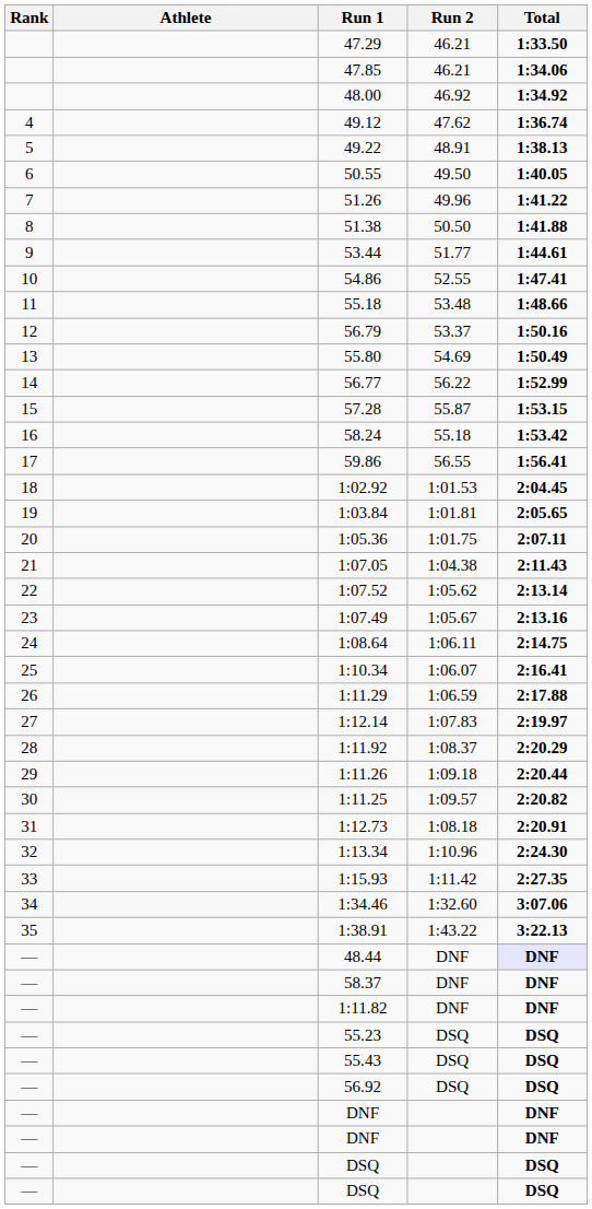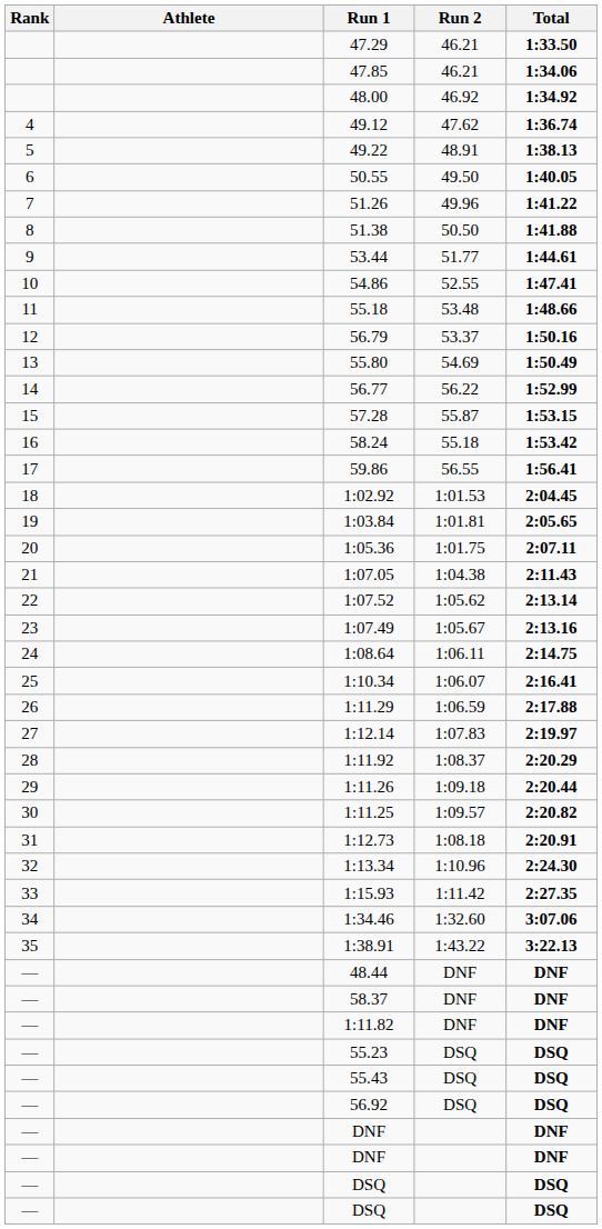 <table class=wikitable style="text-align:center">
 <tr>
 <th width=40>Rank</th>
 <th width=250>Athlete</th>
 <th width=80>Run 1</th>
 <th width=80>Run 2</th>
 <th width=80>Total</th>
 </tr>
 <tr>
 <td></td>
 <td align=left></td>
 <td>47.29</td>
 <td>46.21</td>
 <td><strong>1:33.50</strong></td>
 </tr>
 <tr>
 <td></td>
 <td align=left></td>
 <td>47.85</td>
 <td>46.21</td>
 <td><strong>1:34.06</strong></td>
 </tr>
 <tr>
 <td></td>
 <td align=left></td>
 <td>48.00</td>
 <td>46.92</td>
 <td><strong>1:34.92</strong></td>
 </tr>
 <tr>
 <td>4</td>
 <td align=left></td>
 <td>49.12</td>
 <td>47.62</td>
 <td><strong>1:36.74</strong></td>
 </tr>
 <tr>
 <td>5</td>
 <td align=left></td>
 <td>49.22</td>
 <td>48.91</td>
 <td><strong>1:38.13</strong></td>
 </tr>
 <tr>
 <td>6</td>
 <td align=left></td>
 <td>50.55</td>
 <td>49.50</td>
 <td><strong>1:40.05</strong></td>
 </tr>
 <tr>
 <td>7</td>
 <td align=left></td>
 <td>51.26</td>
 <td>49.96</td>
 <td><strong>1:41.22</strong></td>
 </tr>
 <tr>
 <td>8</td>
 <td align=left></td>
 <td>51.38</td>
 <td>50.50</td>
 <td><strong>1:41.88</strong></td>
 </tr>
 <tr>
 <td>9</td>
 <td align=left></td>
 <td>53.44</td>
 <td>51.77</td>
 <td><strong>1:44.61</strong></td>
 </tr>
 <tr>
 <td>10</td>
 <td align=left></td>
 <td>54.86</td>
 <td>52.55</td>
 <td><strong>1:47.41</strong></td>
 </tr>
 <tr>
 <td>11</td>
 <td align=left></td>
 <td>55.18</td>
 <td>53.48</td>
 <td><strong>1:48.66</strong></td>
 </tr>
 <tr>
 <td>12</td>
 <td align=left></td>
 <td>56.79</td>
 <td>53.37</td>
 <td><strong>1:50.16</strong></td>
 </tr>
 <tr>
 <td>13</td>
 <td align=left></td>
 <td>55.80</td>
 <td>54.69</td>
 <td><strong>1:50.49</strong></td>
 </tr>
 <tr>
 <td>14</td>
 <td align=left></td>
 <td>56.77</td>
 <td>56.22</td>
 <td><strong>1:52.99</strong></td>
 </tr>
 <tr>
 <td>15</td>
 <td align=left></td>
 <td>57.28</td>
 <td>55.87</td>
 <td><strong>1:53.15</strong></td>
 </tr>
 <tr>
 <td>16</td>
 <td align=left></td>
 <td>58.24</td>
 <td>55.18</td>
 <td><strong>1:53.42</strong></td>
 </tr>
 <tr>
 <td>17</td>
 <td align=left></td>
 <td>59.86</td>
 <td>56.55</td>
 <td><strong>1:56.41</strong></td>
 </tr>
 <tr>
 <td>18</td>
 <td align=left></td>
 <td>1:02.92</td>
 <td>1:01.53</td>
 <td><strong>2:04.45</strong></td>
 </tr>
 <tr>
 <td>19</td>
 <td align=left></td>
 <td>1:03.84</td>
 <td>1:01.81</td>
 <td><strong>2:05.65</strong></td>
 </tr>
 <tr>
 <td>20</td>
 <td align=left></td>
 <td>1:05.36</td>
 <td>1:01.75</td>
 <td><strong>2:07.11</strong></td>
 </tr>
 <tr>
 <td>21</td>
 <td align=left></td>
 <td>1:07.05</td>
 <td>1:04.38</td>
 <td><strong>2:11.43</strong></td>
 </tr>
 <tr>
 <td>22</td>
 <td align=left></td>
 <td>1:07.52</td>
 <td>1:05.62</td>
 <td><strong>2:13.14</strong></td>
 </tr>
 <tr>
 <td>23</td>
 <td align=left></td>
 <td>1:07.49</td>
 <td>1:05.67</td>
 <td><strong>2:13.16</strong></td>
 </tr>
 <tr>
 <td>24</td>
 <td align=left></td>
 <td>1:08.64</td>
 <td>1:06.11</td>
 <td><strong>2:14.75</strong></td>
 </tr>
 <tr>
 <td>25</td>
 <td align=left></td>
 <td>1:10.34</td>
 <td>1:06.07</td>
 <td><strong>2:16.41</strong></td>
 </tr>
 <tr>
 <td>26</td>
 <td align=left></td>
 <td>1:11.29</td>
 <td>1:06.59</td>
 <td><strong>2:17.88</strong></td>
 </tr>
 <tr>
 <td>27</td>
 <td align=left></td>
 <td>1:12.14</td>
 <td>1:07.83</td>
 <td><strong>2:19.97</strong></td>
 </tr>
 <tr>
 <td>28</td>
 <td align=left></td>
 <td>1:11.92</td>
 <td>1:08.37</td>
 <td><strong>2:20.29</strong></td>
 </tr>
 <tr>
 <td>29</td>
 <td align=left></td>
 <td>1:11.26</td>
 <td>1:09.18</td>
 <td><strong>2:20.44</strong></td>
 </tr>
 <tr>
 <td>30</td>
 <td align=left></td>
 <td>1:11.25</td>
 <td>1:09.57</td>
 <td><strong>2:20.82</strong></td>
 </tr>
 <tr>
 <td>31</td>
 <td align=left></td>
 <td>1:12.73</td>
 <td>1:08.18</td>
 <td><strong>2:20.91</strong></td>
 </tr>
 <tr>
 <td>32</td>
 <td align=left></td>
 <td>1:13.34</td>
 <td>1:10.96</td>
 <td><strong>2:24.30</strong></td>
 </tr>
 <tr>
 <td>33</td>
 <td align=left></td>
 <td>1:15.93</td>
 <td>1:11.42</td>
 <td><strong>2:27.35</strong></td>
 </tr>
 <tr>
 <td>34</td>
 <td align=left></td>
 <td>1:34.46</td>
 <td>1:32.60</td>
 <td><strong>3:07.06</strong></td>
 </tr>
 <tr>
 <td>35</td>
 <td align=left></td>
 <td>1:38.91</td>
 <td>1:43.22</td>
 <td><strong>3:22.13</strong></td>
 </tr>
 <tr>
 <td>—</td>
 <td align=left></td>
 <td>48.44</td>
 <td>DNF</td>
-<td style="background: lavender;"><strong>DNF</strong></td>
+<td><strong>DNF</strong></td>
 </tr>
 <tr>
 <td>—</td>
 <td align=left></td>
 <td>58.37</td>
 <td>DNF</td>
 <td><strong>DNF</strong></td>
 </tr>
 <tr>
 <td>—</td>
 <td align=left></td>
 <td>1:11.82</td>
 <td>DNF</td>
 <td><strong>DNF</strong></td>
 </tr>
 <tr>
 <td>—</td>
 <td align=left></td>
 <td>55.23</td>
 <td>DSQ</td>
 <td><strong>DSQ</strong></td>
 </tr>
 <tr>
 <td>—</td>
 <td align=left></td>
 <td>55.43</td>
 <td>DSQ</td>
 <td><strong>DSQ</strong></td>
 </tr>
 <tr>
 <td>—</td>
 <td align=left></td>
 <td>56.92</td>
 <td>DSQ</td>
 <td><strong>DSQ</strong></td>
 </tr>
 <tr>
 <td>—</td>
 <td align=left></td>
 <td>DNF</td>
 <td></td>
 <td><strong>DNF</strong></td>
 </tr>
 <tr>
 <td>—</td>
 <td align=left></td>
 <td>DNF</td>
 <td></td>
 <td><strong>DNF</strong></td>
 </tr>
 <tr>
 <td>—</td>
 <td align=left></td>
 <td>DSQ</td>
 <td></td>
 <td><strong>DSQ</strong></td>
 </tr>
 <tr>
 <td>—</td>
 <td align=left></td>
 <td>DSQ</td>
 <td></td>
 <td><strong>DSQ</strong></td>
 </tr>
 </table>
